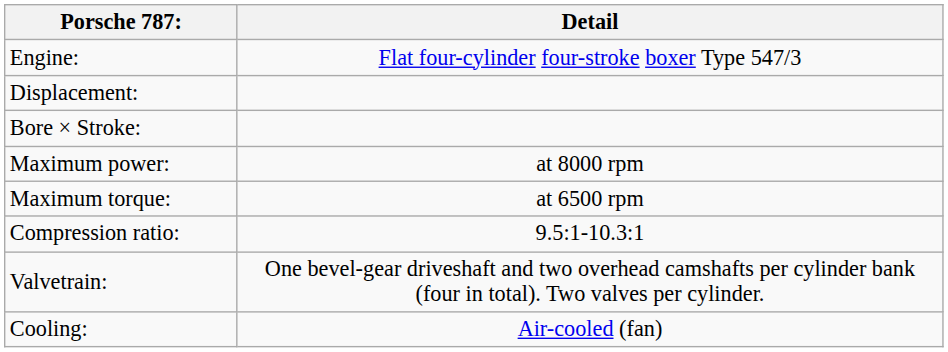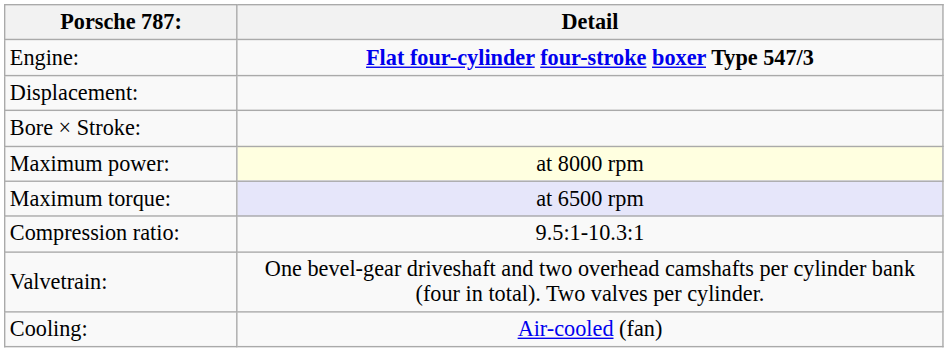 <table class="wikitable">
 <tr>
 <th width="160">Porsche 787:</th>
 <th width="500">Detail</th>
 </tr>
 <tr>
 <td>Engine:</td>
-<td align="center"><a href='#'>Flat four-cylinder</a> <a href='#'>four-stroke</a> <a href='#'>boxer</a> Type 547/3</td>
+<td align="center"><strong><a href='#'>Flat four-cylinder</a> <a href='#'>four-stroke</a> <a href='#'>boxer</a> Type 547/3</strong></td>
 </tr>
 <tr>
 <td>Displacement:</td>
 <td align="center"></td>
 </tr>
 <tr>
 <td>Bore × Stroke:</td>
 <td align="center"></td>
 </tr>
 <tr>
 <td>Maximum power:</td>
-<td align="center"> at 8000 rpm</td>
+<td align="center" style="background: lightyellow;"> at 8000 rpm</td>
 </tr>
 <tr>
 <td>Maximum torque:</td>
-<td align="center"> at 6500 rpm</td>
+<td align="center" style="background: lavender;"> at 6500 rpm</td>
 </tr>
 <tr>
 <td>Compression ratio:</td>
 <td align="center">9.5:1-10.3:1</td>
 </tr>
 <tr>
 <td>Valvetrain: </td>
 <td colspan="2" align="center">One bevel-gear driveshaft and two overhead camshafts per cylinder bank (four in total). Two valves per cylinder.</td>
 </tr>
 <tr>
 <td>Cooling: </td>
 <td colspan="2" align="center"><a href='#'>Air-cooled</a> (fan)</td>
 </tr>
 </table>
